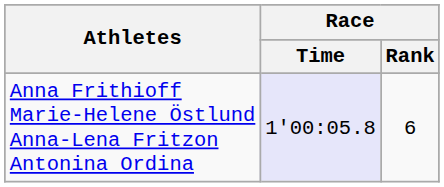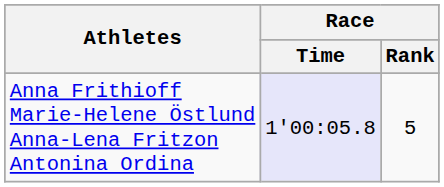 <table class="wikitable" border="1" style="font-size:90%">
 <tr>
 <th rowspan=2>Athletes</th>
 <th colspan=2>Race</th>
 </tr>
 <tr>
 <th>Time</th>
 <th>Rank</th>
 </tr>
 <tr>
 <td><a href='#'>Anna Frithioff</a><br><a href='#'>Marie-Helene Östlund</a><br><a href='#'>Anna-Lena Fritzon</a><br><a href='#'>Antonina Ordina</a></td>
 <td align=center style="background: lavender;">1'00:05.8</td>
-<td align=center>6</td>
+<td align=center>5</td>
 </tr>
 </table>
